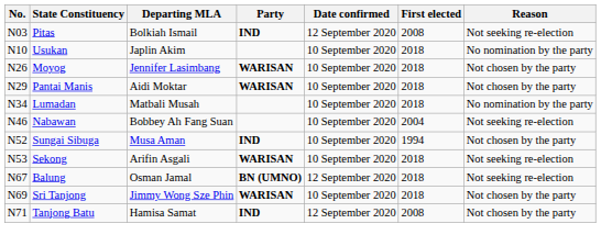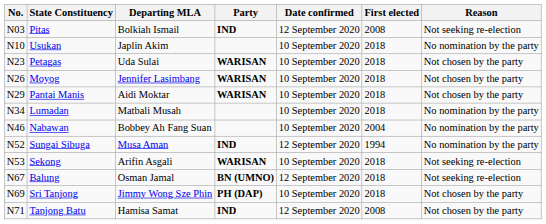 <table class="wikitable">
 <tr>
 <th>No.</th>
 <th>State Constituency</th>
 <th>Departing MLA</th>
 <th>Party</th>
 <th>Date confirmed</th>
 <th>First elected</th>
 <th>Reason</th>
 </tr>
 <tr>
 <td>N03</td>
 <td><a href='#'>Pitas</a></td>
 <td>Bolkiah Ismail</td>
 <td><strong>IND</strong></td>
 <td>12 September 2020</td>
 <td>2008</td>
 <td>Not seeking re-election</td>
 </tr>
 <tr>
 <td>N10</td>
 <td><a href='#'>Usukan</a></td>
 <td>Japlin Akim</td>
 <td></td>
 <td>10 September 2020</td>
 <td>2018</td>
 <td>No nomination by the party</td>
+</tr>
+<tr>
+<td>N23</td>
+<td><a href='#'>Petagas</a></td>
+<td>Uda Sulai</td>
+<td><strong>WARISAN</strong></td>
+<td>10 September 2020</td>
+<td>2018</td>
+<td>Not chosen by the party</td>
 </tr>
 <tr>
 <td>N26</td>
 <td><a href='#'>Moyog</a></td>
 <td><a href='#'>Jennifer Lasimbang</a></td>
 <td><strong>WARISAN</strong></td>
 <td>10 September 2020</td>
 <td>2018</td>
 <td>Not chosen by the party</td>
 </tr>
 <tr>
 <td>N29</td>
 <td><a href='#'>Pantai Manis</a></td>
 <td>Aidi Moktar</td>
 <td><strong>WARISAN</strong></td>
 <td>10 September 2020</td>
 <td>2018</td>
 <td>Not chosen by the party</td>
 </tr>
 <tr>
 <td>N34</td>
 <td><a href='#'>Lumadan</a></td>
 <td>Matbali Musah</td>
 <td></td>
 <td>10 September 2020</td>
 <td>2018</td>
 <td>No nomination by the party</td>
 </tr>
 <tr>
 <td>N46</td>
 <td><a href='#'>Nabawan</a></td>
 <td>Bobbey Ah Fang Suan</td>
 <td></td>
 <td>10 September 2020</td>
 <td>2004</td>
-<td>Not seeking re-election</td>
+<td>No nomination by the party</td>
 </tr>
 <tr>
 <td>N52</td>
 <td><a href='#'>Sungai Sibuga</a></td>
 <td><a href='#'>Musa Aman</a></td>
 <td><strong>IND</strong></td>
-<td>10 September 2020</td>
+<td>12 September 2020</td>
 <td>1994</td>
-<td>Not chosen by the party</td>
+<td>No nomination by the party</td>
 </tr>
 <tr>
 <td>N53</td>
 <td><a href='#'>Sekong</a></td>
 <td>Arifin Asgali</td>
 <td><strong>WARISAN</strong></td>
 <td>10 September 2020</td>
 <td>2018</td>
 <td>Not seeking re-election</td>
 </tr>
 <tr>
 <td>N67</td>
 <td><a href='#'>Balung</a></td>
 <td>Osman Jamal</td>
 <td><strong>BN (UMNO)</strong></td>
 <td>12 September 2020</td>
 <td>2018</td>
 <td>Not seeking re-election</td>
 </tr>
 <tr>
 <td>N69</td>
 <td><a href='#'>Sri Tanjong</a></td>
 <td><a href='#'>Jimmy Wong Sze Phin</a></td>
-<td><strong>WARISAN</strong></td>
+<td><strong>PH (DAP)</strong></td>
 <td>10 September 2020</td>
 <td>2018</td>
 <td>Not chosen by the party</td>
 </tr>
 <tr>
 <td>N71</td>
 <td><a href='#'>Tanjong Batu</a></td>
 <td>Hamisa Samat</td>
 <td><strong>IND</strong></td>
 <td>12 September 2020</td>
 <td>2008</td>
 <td>Not chosen by the party</td>
 </tr>
 </table>
